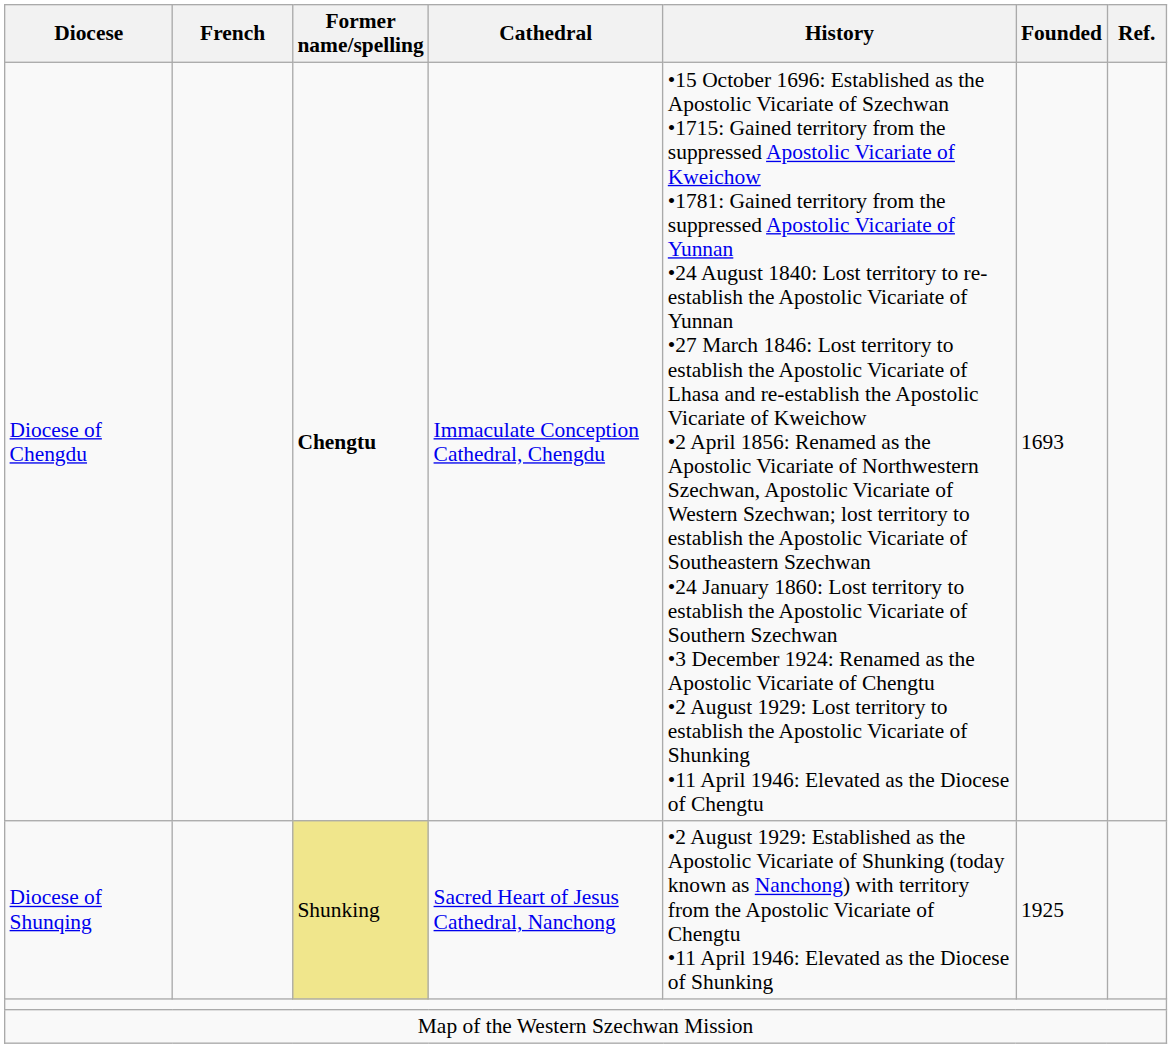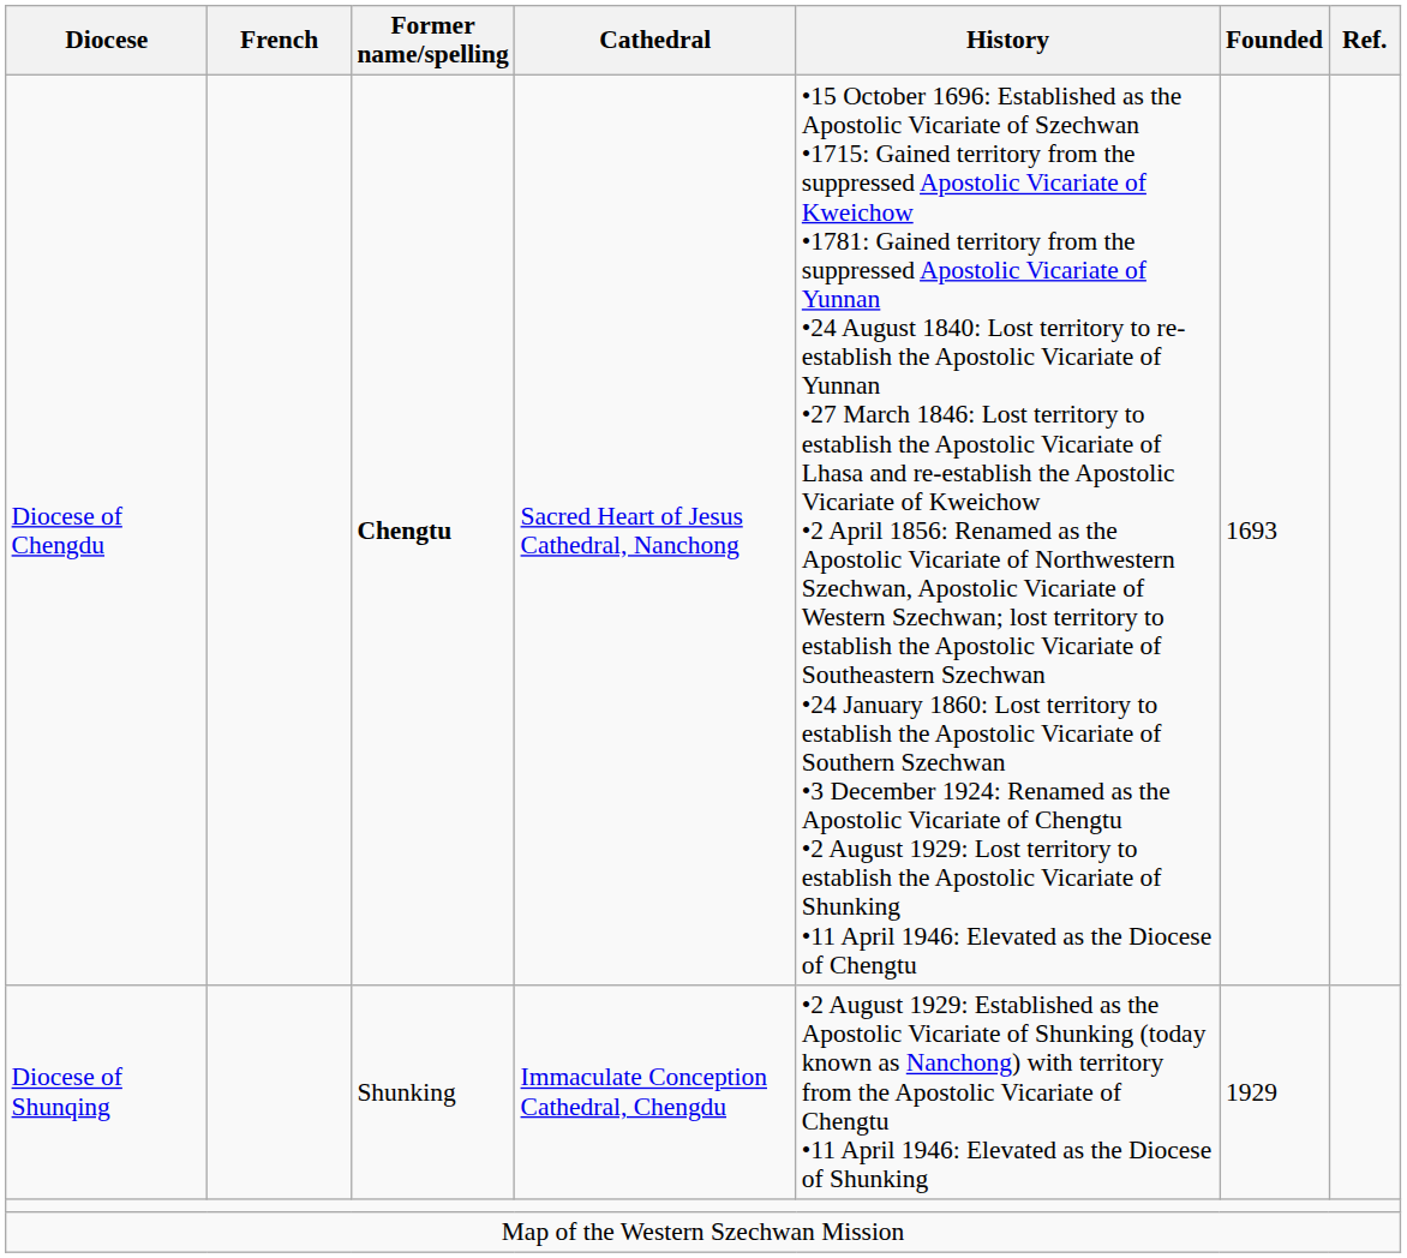 <table class=wikitable>
 <tr>
 <th scope="col" width="200">Diocese</th>
 <th scope="col" width="130">French</th>
 <th scope="col" width="50">Former name/spelling</th>
 <th scope="col" width="300">Cathedral</th>
 <th scope="col" width="500">History</th>
 <th scope="col" width="50">Founded</th>
 <th scope="col" width="50">Ref.</th>
 </tr>
 <tr>
 <td><a href='#'>Diocese of Chengdu</a></td>
 <td></td>
 <td><strong>Chengtu</strong></td>
-<td><a href='#'>Immaculate Conception Cathedral, Chengdu</a></td>
+<td><a href='#'>Sacred Heart of Jesus Cathedral, Nanchong</a></td>
 <td>•15 October 1696: Established as the Apostolic Vicariate of Szechwan<br>•1715: Gained territory from the suppressed <a href='#'>Apostolic Vicariate of Kweichow</a><br> •1781: Gained territory from the suppressed <a href='#'>Apostolic Vicariate of Yunnan</a><br> •24 August 1840: Lost territory to re-establish the Apostolic Vicariate of Yunnan<br> •27 March 1846: Lost territory to establish the Apostolic Vicariate of Lhasa and re-establish the Apostolic Vicariate of Kweichow<br> •2 April 1856: Renamed as the Apostolic Vicariate of Northwestern Szechwan,  Apostolic Vicariate of Western Szechwan; lost territory to establish the Apostolic Vicariate of Southeastern Szechwan<br> •24 January 1860: Lost territory to establish the Apostolic Vicariate of Southern Szechwan<br> •3 December 1924: Renamed as the Apostolic Vicariate of Chengtu<br> •2 August 1929: Lost territory to establish the Apostolic Vicariate of Shunking<br> •11 April 1946: Elevated as the Diocese of Chengtu</td>
 <td>1693</td>
 <td></td>
 </tr>
 <tr>
 <td><a href='#'>Diocese of Shunqing</a><br></td>
 <td></td>
-<td style="background: khaki;">Shunking</td>
-<td><a href='#'>Sacred Heart of Jesus Cathedral, Nanchong</a></td>
+<td>Shunking</td>
+<td><a href='#'>Immaculate Conception Cathedral, Chengdu</a></td>
 <td>•2 August 1929: Established as the Apostolic Vicariate of Shunking (today known as <a href='#'>Nanchong</a>) with territory from the Apostolic Vicariate of Chengtu<br>•11 April 1946: Elevated as the Diocese of Shunking</td>
-<td>1925</td>
+<td>1929</td>
 <td></td>
 </tr>
 <tr>
 <td colspan=7></td>
 </tr>
 <tr>
 <td colspan=7 style="text-align:center;">Map of the Western Szechwan Mission</td>
 </tr>
 </table>
